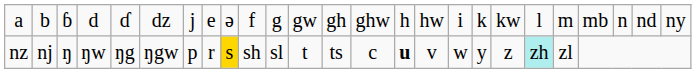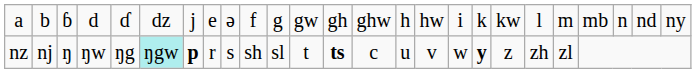 <table class="wikitable" style="text-align: center;">
 <tr>
 <td>a</td>
 <td>b</td>
 <td>ɓ</td>
 <td>d</td>
 <td>ɗ</td>
 <td>dz</td>
 <td>j</td>
 <td>e</td>
 <td>ə</td>
 <td>f</td>
 <td>g</td>
 <td>gw</td>
 <td>gh</td>
 <td>ghw</td>
 <td>h</td>
 <td>hw</td>
 <td>i</td>
 <td>k</td>
 <td>kw</td>
 <td>l</td>
 <td>m</td>
 <td>mb</td>
 <td>n</td>
 <td>nd</td>
 <td>ny</td>
 </tr>
 <tr>
 <td>nz</td>
 <td>nj</td>
 <td>ŋ</td>
 <td>ŋw</td>
 <td>ŋg</td>
-<td>ŋgw</td>
-<td>p</td>
+<td style="background: paleturquoise;">ŋgw</td>
+<td><strong>p</strong></td>
 <td>r</td>
-<td style="background: gold;">s</td>
+<td>s</td>
 <td>sh</td>
 <td>sl</td>
 <td>t</td>
-<td>ts</td>
+<td><strong>ts</strong></td>
 <td>c</td>
-<td><strong>u</strong></td>
+<td>u</td>
 <td>v</td>
 <td>w</td>
-<td>y</td>
+<td><strong>y</strong></td>
 <td>z</td>
-<td style="background: paleturquoise;">zh</td>
+<td>zh</td>
 <td>zl</td>
 </tr>
 </table>
